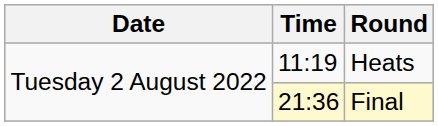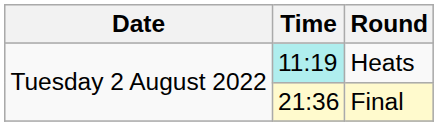 <table class="wikitable">
 <tr>
 <th>Date</th>
 <th>Time</th>
 <th>Round</th>
 </tr>
 <tr>
 <td rowspan=2>Tuesday 2 August 2022</td>
-<td>11:19</td>
+<td style="background: paleturquoise;">11:19</td>
 <td>Heats</td>
 </tr>
 <tr>
 <td style=background:lemonchiffon>21:36</td>
 <td style=background:lemonchiffon>Final</td>
 </tr>
 </table>
